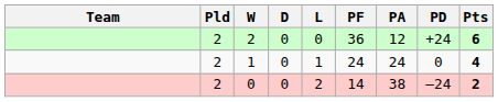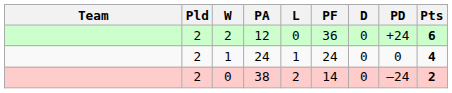 <table class="wikitable" style="text-align:center;">
 <tr>
 <th width=175>Team</th>
 <th width=25 abbr="Played">Pld</th>
 <th width=25 abbr="Won">W</th>
-<th width=25 abbr="Drawn">D</th>
+<th width=32 abbr="Points against">PA</th>
 <th width=25 abbr="Lost">L</th>
 <th width=32 abbr="Points for">PF</th>
-<th width=32 abbr="Points against">PA</th>
+<th width=25 abbr="Drawn">D</th>
 <th width=32 abbr="Points difference">PD</th>
 <th width=25 abbr="Points">Pts</th>
 </tr>
 <tr style="background:#ccffcc">
 <td align=left></td>
 <td>2</td>
 <td>2</td>
-<td>0</td>
+<td>12</td>
 <td>0</td>
 <td>36</td>
-<td>12</td>
+<td>0</td>
 <td>+24</td>
 <td><strong>6</strong></td>
 </tr>
 <tr>
 <td align=left></td>
 <td>2</td>
 <td>1</td>
-<td>0</td>
+<td>24</td>
 <td>1</td>
 <td>24</td>
-<td>24</td>
+<td>0</td>
 <td>0</td>
 <td><strong>4</strong></td>
 </tr>
 <tr style="background:#ffcccc">
 <td align=left></td>
 <td>2</td>
 <td>0</td>
-<td>0</td>
+<td>38</td>
 <td>2</td>
 <td>14</td>
-<td>38</td>
+<td>0</td>
 <td>–24</td>
 <td><strong>2</strong></td>
 </tr>
 </table>
